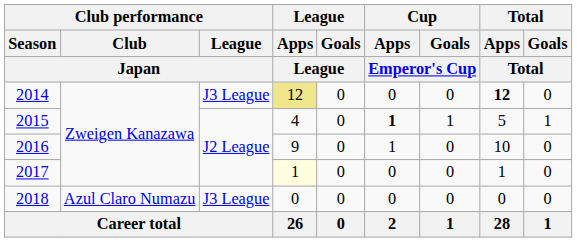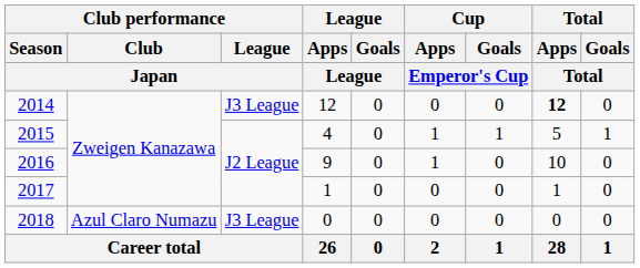 <table class="wikitable" style="text-align:center">
 <tr>
 <th colspan=3>Club performance</th>
 <th colspan=2>League</th>
 <th colspan=2>Cup</th>
 <th colspan=2>Total</th>
 </tr>
 <tr>
 <th>Season</th>
 <th>Club</th>
 <th>League</th>
 <th>Apps</th>
 <th>Goals</th>
 <th>Apps</th>
 <th>Goals</th>
 <th>Apps</th>
 <th>Goals</th>
 </tr>
 <tr>
 <th colspan=3>Japan</th>
 <th colspan=2>League</th>
 <th colspan=2><a href='#'>Emperor's Cup</a></th>
 <th colspan=2>Total</th>
 </tr>
 <tr>
 <td><a href='#'>2014</a></td>
 <td rowspan="4"><a href='#'>Zweigen Kanazawa</a></td>
 <td><a href='#'>J3 League</a></td>
-<td style="background: khaki;">12</td>
+<td>12</td>
 <td>0</td>
 <td>0</td>
 <td>0</td>
 <td><strong>12</strong></td>
 <td>0</td>
 </tr>
 <tr>
 <td><a href='#'>2015</a></td>
 <td rowspan="3"><a href='#'>J2 League</a></td>
 <td>4</td>
 <td>0</td>
-<td><strong>1</strong></td>
+<td>1</td>
 <td>1</td>
 <td>5</td>
 <td>1</td>
 </tr>
 <tr>
 <td><a href='#'>2016</a></td>
 <td>9</td>
 <td>0</td>
 <td>1</td>
 <td>0</td>
 <td>10</td>
 <td>0</td>
 </tr>
 <tr>
 <td><a href='#'>2017</a></td>
-<td style="background: lightyellow;">1</td>
+<td>1</td>
 <td>0</td>
 <td>0</td>
 <td>0</td>
 <td>1</td>
 <td>0</td>
 </tr>
 <tr>
 <td><a href='#'>2018</a></td>
 <td><a href='#'>Azul Claro Numazu</a></td>
 <td><a href='#'>J3 League</a></td>
 <td>0</td>
 <td>0</td>
 <td>0</td>
 <td>0</td>
 <td>0</td>
 <td>0</td>
 </tr>
 <tr>
 <th colspan=3>Career total</th>
 <th>26</th>
 <th>0</th>
 <th>2</th>
 <th>1</th>
 <th>28</th>
 <th>1</th>
 </tr>
 </table>
